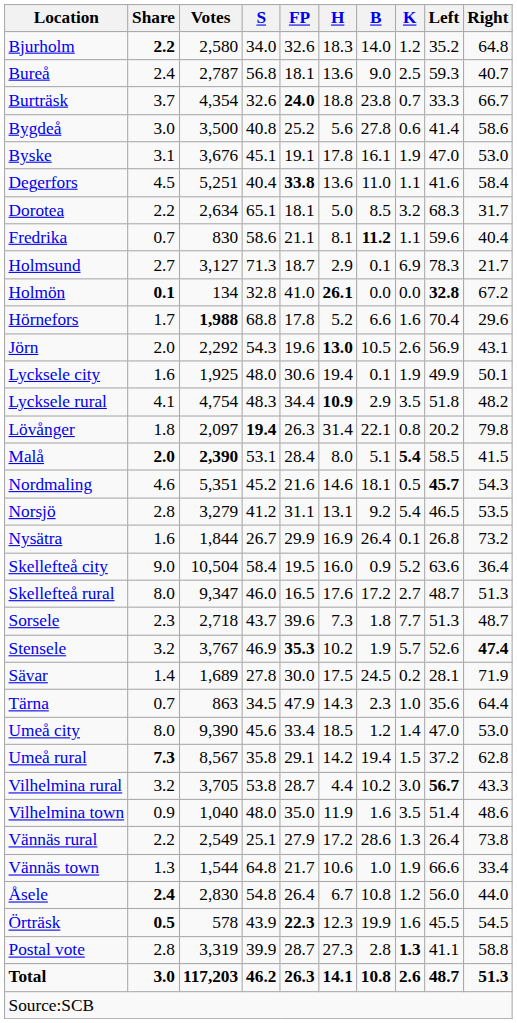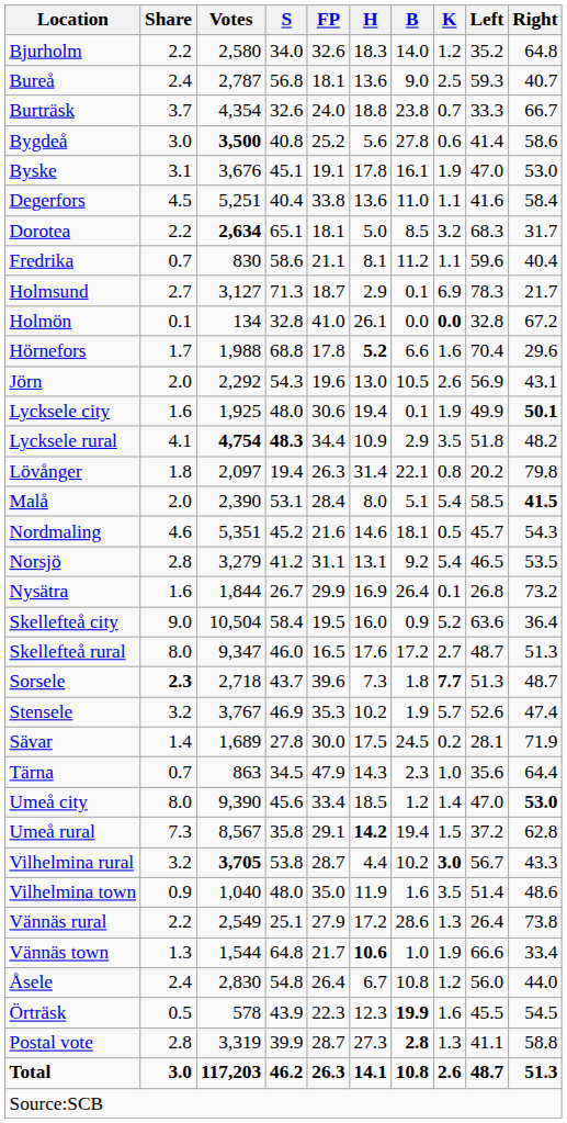 <table class="wikitable sortable" style=text-align:right>
 <tr>
 <th>Location</th>
 <th>Share</th>
 <th>Votes</th>
 <th><a href='#'>S</a></th>
 <th><a href='#'>FP</a></th>
 <th><a href='#'>H</a></th>
 <th><a href='#'>B</a></th>
 <th><a href='#'>K</a></th>
 <th>Left</th>
 <th>Right</th>
 </tr>
 <tr>
 <td align=left><a href='#'>Bjurholm</a></td>
-<td><strong>2.2</strong></td>
+<td>2.2</td>
 <td>2,580</td>
 <td>34.0</td>
 <td>32.6</td>
 <td>18.3</td>
 <td>14.0</td>
 <td>1.2</td>
 <td>35.2</td>
 <td>64.8</td>
 </tr>
 <tr>
 <td align=left><a href='#'>Bureå</a></td>
 <td>2.4</td>
 <td>2,787</td>
 <td>56.8</td>
 <td>18.1</td>
 <td>13.6</td>
 <td>9.0</td>
 <td>2.5</td>
 <td>59.3</td>
 <td>40.7</td>
 </tr>
 <tr>
 <td align=left><a href='#'>Burträsk</a></td>
 <td>3.7</td>
 <td>4,354</td>
 <td>32.6</td>
-<td><strong>24.0</strong></td>
+<td>24.0</td>
 <td>18.8</td>
 <td>23.8</td>
 <td>0.7</td>
 <td>33.3</td>
 <td>66.7</td>
 </tr>
 <tr>
 <td align=left><a href='#'>Bygdeå</a></td>
 <td>3.0</td>
-<td>3,500</td>
+<td><strong>3,500</strong></td>
 <td>40.8</td>
 <td>25.2</td>
 <td>5.6</td>
 <td>27.8</td>
 <td>0.6</td>
 <td>41.4</td>
 <td>58.6</td>
 </tr>
 <tr>
 <td align=left><a href='#'>Byske</a></td>
 <td>3.1</td>
 <td>3,676</td>
 <td>45.1</td>
 <td>19.1</td>
 <td>17.8</td>
 <td>16.1</td>
 <td>1.9</td>
 <td>47.0</td>
 <td>53.0</td>
 </tr>
 <tr>
 <td align=left><a href='#'>Degerfors</a></td>
 <td>4.5</td>
 <td>5,251</td>
 <td>40.4</td>
-<td><strong>33.8</strong></td>
+<td>33.8</td>
 <td>13.6</td>
 <td>11.0</td>
 <td>1.1</td>
 <td>41.6</td>
 <td>58.4</td>
 </tr>
 <tr>
 <td align=left><a href='#'>Dorotea</a></td>
 <td>2.2</td>
-<td>2,634</td>
+<td><strong>2,634</strong></td>
 <td>65.1</td>
 <td>18.1</td>
 <td>5.0</td>
 <td>8.5</td>
 <td>3.2</td>
 <td>68.3</td>
 <td>31.7</td>
 </tr>
 <tr>
 <td align=left><a href='#'>Fredrika</a></td>
 <td>0.7</td>
 <td>830</td>
 <td>58.6</td>
 <td>21.1</td>
 <td>8.1</td>
-<td><strong>11.2</strong></td>
+<td>11.2</td>
 <td>1.1</td>
 <td>59.6</td>
 <td>40.4</td>
 </tr>
 <tr>
 <td align=left><a href='#'>Holmsund</a></td>
 <td>2.7</td>
 <td>3,127</td>
 <td>71.3</td>
 <td>18.7</td>
 <td>2.9</td>
 <td>0.1</td>
 <td>6.9</td>
 <td>78.3</td>
 <td>21.7</td>
 </tr>
 <tr>
 <td align=left><a href='#'>Holmön</a></td>
-<td><strong>0.1</strong></td>
+<td>0.1</td>
 <td>134</td>
 <td>32.8</td>
 <td>41.0</td>
-<td><strong>26.1</strong></td>
+<td>26.1</td>
 <td>0.0</td>
-<td>0.0</td>
-<td><strong>32.8</strong></td>
+<td><strong>0.0</strong></td>
+<td>32.8</td>
 <td>67.2</td>
 </tr>
 <tr>
 <td align=left><a href='#'>Hörnefors</a></td>
 <td>1.7</td>
-<td><strong>1,988</strong></td>
+<td>1,988</td>
 <td>68.8</td>
 <td>17.8</td>
-<td>5.2</td>
+<td><strong>5.2</strong></td>
 <td>6.6</td>
 <td>1.6</td>
 <td>70.4</td>
 <td>29.6</td>
 </tr>
 <tr>
 <td align=left><a href='#'>Jörn</a></td>
 <td>2.0</td>
 <td>2,292</td>
 <td>54.3</td>
 <td>19.6</td>
-<td><strong>13.0</strong></td>
+<td>13.0</td>
 <td>10.5</td>
 <td>2.6</td>
 <td>56.9</td>
 <td>43.1</td>
 </tr>
 <tr>
 <td align=left><a href='#'>Lycksele city</a></td>
 <td>1.6</td>
 <td>1,925</td>
 <td>48.0</td>
 <td>30.6</td>
 <td>19.4</td>
 <td>0.1</td>
 <td>1.9</td>
 <td>49.9</td>
-<td>50.1</td>
+<td><strong>50.1</strong></td>
 </tr>
 <tr>
 <td align=left><a href='#'>Lycksele rural</a></td>
 <td>4.1</td>
-<td>4,754</td>
-<td>48.3</td>
+<td><strong>4,754</strong></td>
+<td><strong>48.3</strong></td>
 <td>34.4</td>
-<td><strong>10.9</strong></td>
+<td>10.9</td>
 <td>2.9</td>
 <td>3.5</td>
 <td>51.8</td>
 <td>48.2</td>
 </tr>
 <tr>
 <td align=left><a href='#'>Lövånger</a></td>
 <td>1.8</td>
 <td>2,097</td>
-<td><strong>19.4</strong></td>
+<td>19.4</td>
 <td>26.3</td>
 <td>31.4</td>
 <td>22.1</td>
 <td>0.8</td>
 <td>20.2</td>
 <td>79.8</td>
 </tr>
 <tr>
 <td align=left><a href='#'>Malå</a></td>
-<td><strong>2.0</strong></td>
-<td><strong>2,390</strong></td>
+<td>2.0</td>
+<td>2,390</td>
 <td>53.1</td>
 <td>28.4</td>
 <td>8.0</td>
 <td>5.1</td>
-<td><strong>5.4</strong></td>
+<td>5.4</td>
 <td>58.5</td>
-<td>41.5</td>
+<td><strong>41.5</strong></td>
 </tr>
 <tr>
 <td align=left><a href='#'>Nordmaling</a></td>
 <td>4.6</td>
 <td>5,351</td>
 <td>45.2</td>
 <td>21.6</td>
 <td>14.6</td>
 <td>18.1</td>
 <td>0.5</td>
-<td><strong>45.7</strong></td>
+<td>45.7</td>
 <td>54.3</td>
 </tr>
 <tr>
 <td align=left><a href='#'>Norsjö</a></td>
 <td>2.8</td>
 <td>3,279</td>
 <td>41.2</td>
 <td>31.1</td>
 <td>13.1</td>
 <td>9.2</td>
 <td>5.4</td>
 <td>46.5</td>
 <td>53.5</td>
 </tr>
 <tr>
 <td align=left><a href='#'>Nysätra</a></td>
 <td>1.6</td>
 <td>1,844</td>
 <td>26.7</td>
 <td>29.9</td>
 <td>16.9</td>
 <td>26.4</td>
 <td>0.1</td>
 <td>26.8</td>
 <td>73.2</td>
 </tr>
 <tr>
 <td align=left><a href='#'>Skellefteå city</a></td>
 <td>9.0</td>
 <td>10,504</td>
 <td>58.4</td>
 <td>19.5</td>
 <td>16.0</td>
 <td>0.9</td>
 <td>5.2</td>
 <td>63.6</td>
 <td>36.4</td>
 </tr>
 <tr>
 <td align=left><a href='#'>Skellefteå rural</a></td>
 <td>8.0</td>
 <td>9,347</td>
 <td>46.0</td>
 <td>16.5</td>
 <td>17.6</td>
 <td>17.2</td>
 <td>2.7</td>
 <td>48.7</td>
 <td>51.3</td>
 </tr>
 <tr>
 <td align=left><a href='#'>Sorsele</a></td>
-<td>2.3</td>
+<td><strong>2.3</strong></td>
 <td>2,718</td>
 <td>43.7</td>
 <td>39.6</td>
 <td>7.3</td>
 <td>1.8</td>
-<td>7.7</td>
+<td><strong>7.7</strong></td>
 <td>51.3</td>
 <td>48.7</td>
 </tr>
 <tr>
 <td align=left><a href='#'>Stensele</a></td>
 <td>3.2</td>
 <td>3,767</td>
 <td>46.9</td>
-<td><strong>35.3</strong></td>
+<td>35.3</td>
 <td>10.2</td>
 <td>1.9</td>
 <td>5.7</td>
 <td>52.6</td>
-<td><strong>47.4</strong></td>
+<td>47.4</td>
 </tr>
 <tr>
 <td align=left><a href='#'>Sävar</a></td>
 <td>1.4</td>
 <td>1,689</td>
 <td>27.8</td>
 <td>30.0</td>
 <td>17.5</td>
 <td>24.5</td>
 <td>0.2</td>
 <td>28.1</td>
 <td>71.9</td>
 </tr>
 <tr>
 <td align=left><a href='#'>Tärna</a></td>
 <td>0.7</td>
 <td>863</td>
 <td>34.5</td>
 <td>47.9</td>
 <td>14.3</td>
 <td>2.3</td>
 <td>1.0</td>
 <td>35.6</td>
 <td>64.4</td>
 </tr>
 <tr>
 <td align=left><a href='#'>Umeå city</a></td>
 <td>8.0</td>
 <td>9,390</td>
 <td>45.6</td>
 <td>33.4</td>
 <td>18.5</td>
 <td>1.2</td>
 <td>1.4</td>
 <td>47.0</td>
-<td>53.0</td>
+<td><strong>53.0</strong></td>
 </tr>
 <tr>
 <td align=left><a href='#'>Umeå rural</a></td>
-<td><strong>7.3</strong></td>
+<td>7.3</td>
 <td>8,567</td>
 <td>35.8</td>
 <td>29.1</td>
-<td>14.2</td>
+<td><strong>14.2</strong></td>
 <td>19.4</td>
 <td>1.5</td>
 <td>37.2</td>
 <td>62.8</td>
 </tr>
 <tr>
 <td align=left><a href='#'>Vilhelmina rural</a></td>
 <td>3.2</td>
-<td>3,705</td>
+<td><strong>3,705</strong></td>
 <td>53.8</td>
 <td>28.7</td>
 <td>4.4</td>
 <td>10.2</td>
-<td>3.0</td>
-<td><strong>56.7</strong></td>
+<td><strong>3.0</strong></td>
+<td>56.7</td>
 <td>43.3</td>
 </tr>
 <tr>
 <td align=left><a href='#'>Vilhelmina town</a></td>
 <td>0.9</td>
 <td>1,040</td>
 <td>48.0</td>
 <td>35.0</td>
 <td>11.9</td>
 <td>1.6</td>
 <td>3.5</td>
 <td>51.4</td>
 <td>48.6</td>
 </tr>
 <tr>
 <td align=left><a href='#'>Vännäs rural</a></td>
 <td>2.2</td>
 <td>2,549</td>
 <td>25.1</td>
 <td>27.9</td>
 <td>17.2</td>
 <td>28.6</td>
 <td>1.3</td>
 <td>26.4</td>
 <td>73.8</td>
 </tr>
 <tr>
 <td align=left><a href='#'>Vännäs town</a></td>
 <td>1.3</td>
 <td>1,544</td>
 <td>64.8</td>
 <td>21.7</td>
-<td>10.6</td>
+<td><strong>10.6</strong></td>
 <td>1.0</td>
 <td>1.9</td>
 <td>66.6</td>
 <td>33.4</td>
 </tr>
 <tr>
 <td align=left><a href='#'>Åsele</a></td>
-<td><strong>2.4</strong></td>
+<td>2.4</td>
 <td>2,830</td>
 <td>54.8</td>
 <td>26.4</td>
 <td>6.7</td>
 <td>10.8</td>
 <td>1.2</td>
 <td>56.0</td>
 <td>44.0</td>
 </tr>
 <tr>
 <td align=left><a href='#'>Örträsk</a></td>
-<td><strong>0.5</strong></td>
+<td>0.5</td>
 <td>578</td>
 <td>43.9</td>
-<td><strong>22.3</strong></td>
+<td>22.3</td>
 <td>12.3</td>
-<td>19.9</td>
+<td><strong>19.9</strong></td>
 <td>1.6</td>
 <td>45.5</td>
 <td>54.5</td>
 </tr>
 <tr>
 <td align=left><a href='#'>Postal vote</a></td>
 <td>2.8</td>
 <td>3,319</td>
 <td>39.9</td>
 <td>28.7</td>
 <td>27.3</td>
-<td>2.8</td>
-<td><strong>1.3</strong></td>
+<td><strong>2.8</strong></td>
+<td>1.3</td>
 <td>41.1</td>
 <td>58.8</td>
 </tr>
 <tr>
 <td align=left><strong>Total</strong></td>
 <td><strong>3.0</strong></td>
 <td><strong>117,203</strong></td>
 <td><strong>46.2</strong></td>
 <td><strong>26.3</strong></td>
 <td><strong>14.1</strong></td>
 <td><strong>10.8</strong></td>
 <td><strong>2.6</strong></td>
 <td><strong>48.7</strong></td>
 <td><strong>51.3</strong></td>
 </tr>
 <tr>
 <td align=left colspan=10>Source:SCB </td>
 </tr>
 </table>
